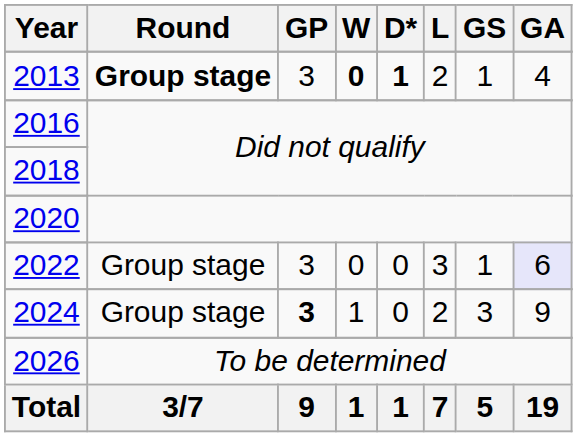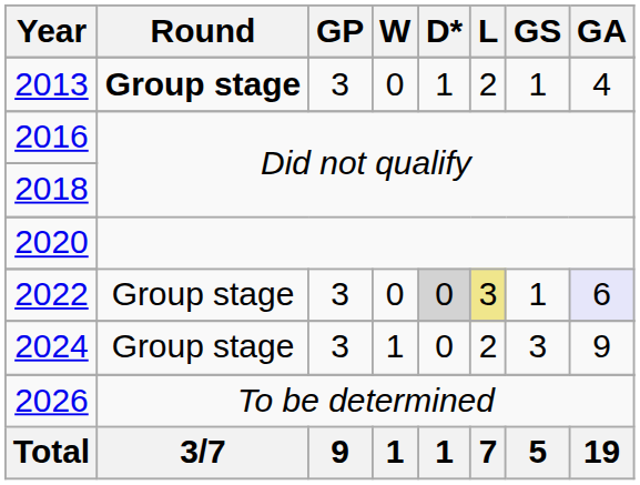 <table class="wikitable" style="text-align: center;">
 <tr>
 <th>Year</th>
 <th>Round</th>
 <th>GP</th>
 <th>W</th>
 <th>D*</th>
 <th>L</th>
 <th>GS</th>
 <th>GA</th>
 </tr>
 <tr>
 </tr>
 <tr>
 <td> <a href='#'>2013</a></td>
 <td><strong>Group stage</strong></td>
 <td>3</td>
-<td><strong>0</strong></td>
-<td><strong>1</strong></td>
+<td>0</td>
+<td>1</td>
 <td>2</td>
 <td>1</td>
 <td>4</td>
 </tr>
 <tr>
 </tr>
 <tr>
 <td> <a href='#'>2016</a></td>
 <td rowspan=3 colspan=7><em>Did not qualify</em></td>
 </tr>
 <tr>
 </tr>
 <tr>
 <td> <a href='#'>2018</a></td>
 </tr>
 <tr>
 </tr>
 <tr>
 <td> <a href='#'>2020</a></td>
 </tr>
 <tr>
 </tr>
 <tr>
 <td> <a href='#'>2022</a></td>
 <td>Group stage</td>
 <td>3</td>
 <td>0</td>
-<td>0</td>
-<td>3</td>
+<td style="background: lightgrey;">0</td>
+<td style="background: khaki;">3</td>
 <td>1</td>
 <td style="background: lavender;">6</td>
 </tr>
 <tr>
 </tr>
 <tr>
 <td> <a href='#'>2024</a></td>
 <td>Group stage</td>
-<td><strong>3</strong></td>
+<td>3</td>
 <td>1</td>
 <td>0</td>
 <td>2</td>
 <td>3</td>
 <td>9</td>
 </tr>
 <tr>
 </tr>
 <tr>
 <td> <a href='#'>2026</a></td>
 <td colspan=7><em>To be determined</em></td>
 </tr>
 <tr>
 <th>Total</th>
 <th>3/7</th>
 <th>9</th>
 <th>1</th>
 <th>1</th>
 <th>7</th>
 <th>5</th>
 <th>19</th>
 </tr>
 </table>
